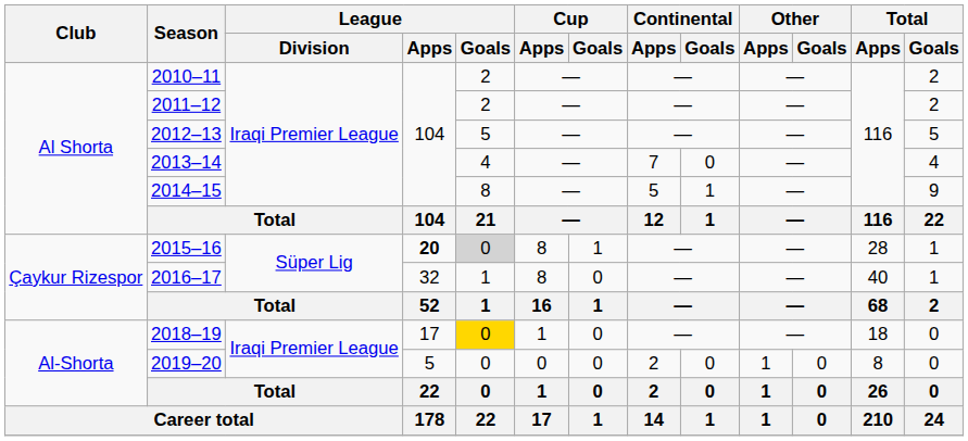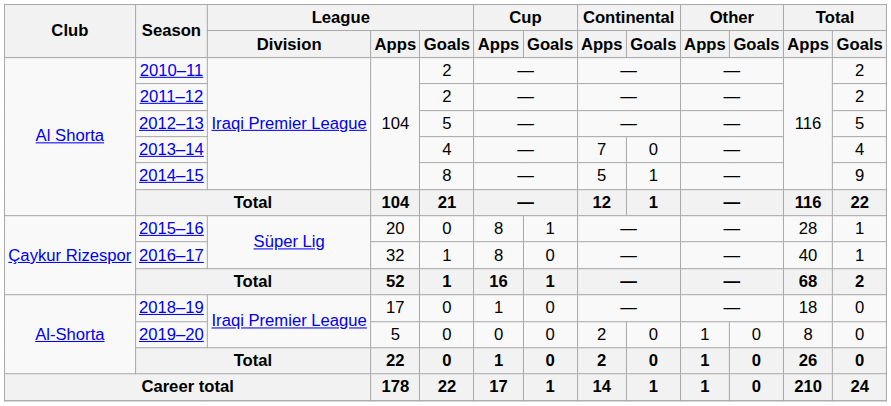 <table class="wikitable" style="text-align:center">
 <tr>
 <th rowspan="2">Club</th>
 <th rowspan="2">Season</th>
 <th colspan="3">League</th>
 <th colspan="2">Cup</th>
 <th colspan="2">Continental</th>
 <th colspan="2">Other</th>
 <th colspan="2">Total</th>
 </tr>
 <tr>
 <th>Division</th>
 <th>Apps</th>
 <th>Goals</th>
 <th>Apps</th>
 <th>Goals</th>
 <th>Apps</th>
 <th>Goals</th>
 <th>Apps</th>
 <th>Goals</th>
 <th>Apps</th>
 <th>Goals</th>
 </tr>
 <tr>
 <td rowspan="6"><a href='#'>Al Shorta</a></td>
 <td><a href='#'>2010–11</a></td>
 <td rowspan="5"><a href='#'>Iraqi Premier League</a></td>
 <td rowspan="5">104</td>
 <td>2</td>
 <td colspan="2">—</td>
 <td colspan="2">—</td>
 <td colspan="2">—</td>
 <td rowspan="5">116</td>
 <td>2</td>
 </tr>
 <tr>
 <td><a href='#'>2011–12</a></td>
 <td>2</td>
 <td colspan="2">—</td>
 <td colspan="2">—</td>
 <td colspan="2">—</td>
 <td>2</td>
 </tr>
 <tr>
 <td><a href='#'>2012–13</a></td>
 <td>5</td>
 <td colspan="2">—</td>
 <td colspan="2">—</td>
 <td colspan="2">—</td>
 <td>5</td>
 </tr>
 <tr>
 <td><a href='#'>2013–14</a></td>
 <td>4</td>
 <td colspan="2">—</td>
 <td>7</td>
 <td>0</td>
 <td colspan="2">—</td>
 <td>4</td>
 </tr>
 <tr>
 <td><a href='#'>2014–15</a></td>
 <td>8</td>
 <td colspan="2">—</td>
 <td>5</td>
 <td>1</td>
 <td colspan="2">—</td>
 <td>9</td>
 </tr>
 <tr>
 <th colspan="2">Total</th>
 <th>104</th>
 <th>21</th>
 <th colspan="2">—</th>
 <th>12</th>
 <th>1</th>
 <th colspan="2">—</th>
 <th>116</th>
 <th>22</th>
 </tr>
 <tr>
 <td rowspan="3"><a href='#'>Çaykur Rizespor</a></td>
 <td><a href='#'>2015–16</a></td>
 <td rowspan="2"><a href='#'>Süper Lig</a></td>
-<td><strong>20</strong></td>
-<td style="background: lightgrey;">0</td>
+<td>20</td>
+<td>0</td>
 <td>8</td>
 <td>1</td>
 <td colspan="2">—</td>
 <td colspan="2">—</td>
 <td>28</td>
 <td>1</td>
 </tr>
 <tr>
 <td><a href='#'>2016–17</a></td>
 <td>32</td>
 <td>1</td>
 <td>8</td>
 <td>0</td>
 <td colspan="2">—</td>
 <td colspan="2">—</td>
 <td>40</td>
 <td>1</td>
 </tr>
 <tr>
 <th colspan="2">Total</th>
 <th>52</th>
 <th>1</th>
 <th>16</th>
 <th>1</th>
 <th colspan="2">—</th>
 <th colspan="2">—</th>
 <th>68</th>
 <th>2</th>
 </tr>
 <tr>
 <td rowspan="3"><a href='#'>Al-Shorta</a></td>
 <td><a href='#'>2018–19</a></td>
 <td rowspan="2"><a href='#'>Iraqi Premier League</a></td>
 <td>17</td>
-<td style="background: gold;">0</td>
+<td>0</td>
 <td>1</td>
 <td>0</td>
 <td colspan="2">—</td>
 <td colspan="2">—</td>
 <td>18</td>
 <td>0</td>
 </tr>
 <tr>
 <td><a href='#'>2019–20</a></td>
 <td>5</td>
 <td>0</td>
 <td>0</td>
 <td>0</td>
 <td>2</td>
 <td>0</td>
 <td>1</td>
 <td>0</td>
 <td>8</td>
 <td>0</td>
 </tr>
 <tr>
 <th colspan="2">Total</th>
 <th>22</th>
 <th>0</th>
 <th>1</th>
 <th>0</th>
 <th>2</th>
 <th>0</th>
 <th>1</th>
 <th>0</th>
 <th>26</th>
 <th>0</th>
 </tr>
 <tr>
 <th colspan="3">Career total</th>
 <th>178</th>
 <th>22</th>
 <th>17</th>
 <th>1</th>
 <th>14</th>
 <th>1</th>
 <th>1</th>
 <th>0</th>
 <th>210</th>
 <th>24</th>
 </tr>
 <tr>
 </tr>
 </table>
